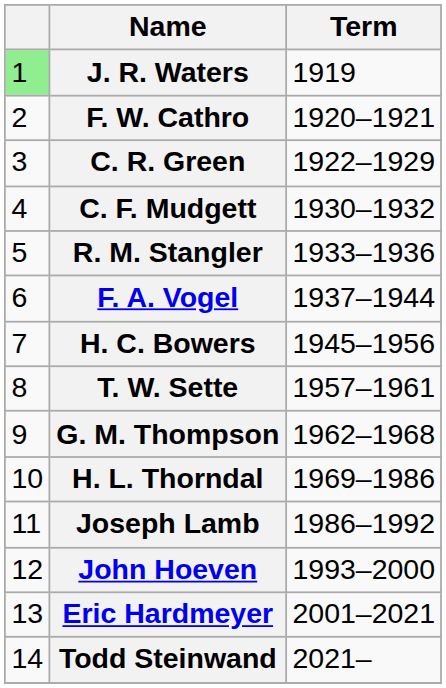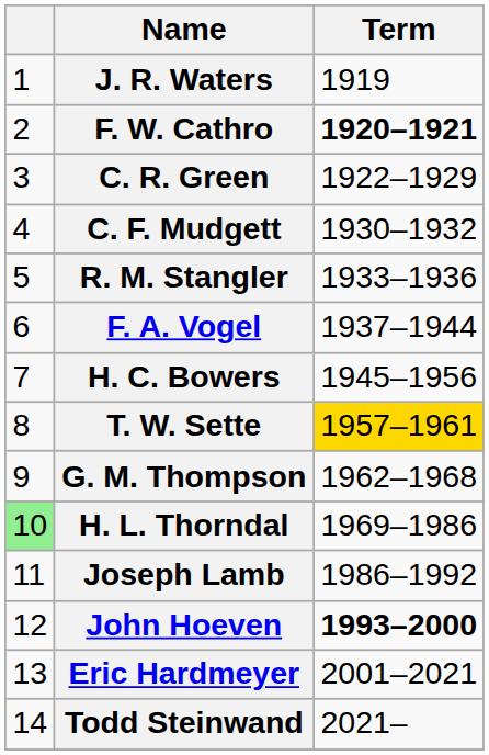 <table class="wikitable plainrowheaders">
 <tr>
 <th scope="col"></th>
 <th scope="col">Name</th>
 <th scope="col">Term</th>
 </tr>
 <tr>
-<td style="background: lightgreen;">1</td>
+<td>1</td>
 <th scope="row">J. R. Waters</th>
 <td>1919</td>
 </tr>
 <tr>
 <td>2</td>
 <th scope="row">F. W. Cathro</th>
-<td>1920–1921</td>
+<td><strong>1920–1921</strong></td>
 </tr>
 <tr>
 <td>3</td>
 <th scope="row">C. R. Green</th>
 <td>1922–1929</td>
 </tr>
 <tr>
 <td>4</td>
 <th scope="row">C. F. Mudgett</th>
 <td>1930–1932</td>
 </tr>
 <tr>
 <td>5</td>
 <th scope="row">R. M. Stangler</th>
 <td>1933–1936</td>
 </tr>
 <tr>
 <td>6</td>
 <th scope="row"><a href='#'>F. A. Vogel</a></th>
 <td>1937–1944</td>
 </tr>
 <tr>
 <td>7</td>
 <th scope="row">H. C. Bowers</th>
 <td>1945–1956</td>
 </tr>
 <tr>
 <td>8</td>
 <th scope="row">T. W. Sette</th>
-<td>1957–1961</td>
+<td style="background: gold;">1957–1961</td>
 </tr>
 <tr>
 <td>9</td>
 <th scope="row">G. M. Thompson</th>
 <td>1962–1968</td>
 </tr>
 <tr>
-<td>10</td>
+<td style="background: lightgreen;">10</td>
 <th scope="row">H. L. Thorndal</th>
 <td>1969–1986</td>
 </tr>
 <tr>
 <td>11</td>
 <th scope="row">Joseph Lamb</th>
 <td>1986–1992</td>
 </tr>
 <tr>
 <td>12</td>
 <th scope="row"><a href='#'>John Hoeven</a></th>
-<td>1993–2000</td>
+<td><strong>1993–2000</strong></td>
 </tr>
 <tr>
 <td>13</td>
 <th scope="row"><a href='#'>Eric Hardmeyer</a></th>
 <td>2001–2021</td>
 </tr>
 <tr>
 <td>14</td>
 <th scope="row">Todd Steinwand</th>
 <td>2021–</td>
 </tr>
 <tr>
 </tr>
 </table>
